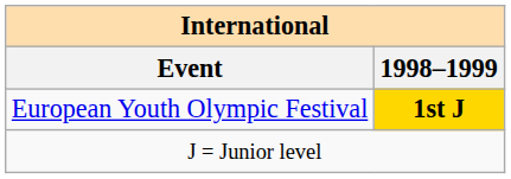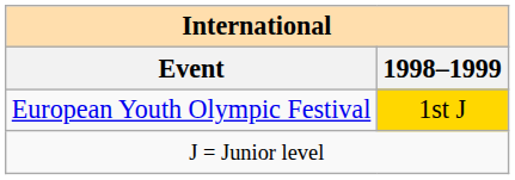 <table class="wikitable" style="text-align:center">
 <tr>
 <th style="background-color: #ffdead; " colspan=2 align=center>International</th>
 </tr>
 <tr>
 <th>Event</th>
 <th>1998–1999</th>
 </tr>
 <tr>
 <td align=left><a href='#'>European Youth Olympic Festival</a></td>
-<td bgcolor=gold><strong>1st J</strong></td>
+<td bgcolor=gold>1st J</td>
 </tr>
 <tr>
 <td colspan=2 align=center><small> J = Junior level </small></td>
 </tr>
 </table>
